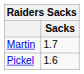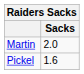 <table class="wikitable">
 <tr>
 <th colspan="2">Raiders Sacks</th>
 </tr>
 <tr>
 <th></th>
 <th>Sacks</th>
 </tr>
 <tr>
 <td><a href='#'>Martin</a></td>
-<td>1.7</td>
+<td>2.0</td>
 </tr>
 <tr>
 <td><a href='#'>Pickel</a></td>
 <td>1.6</td>
 </tr>
 </table>
